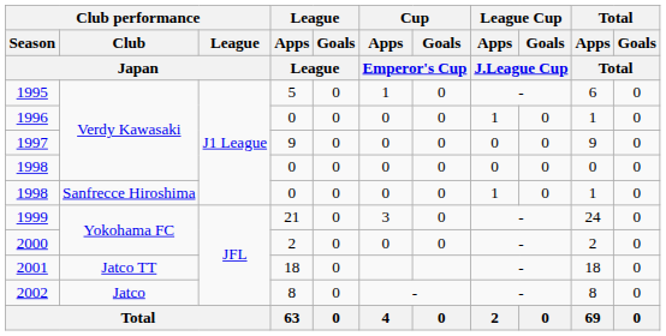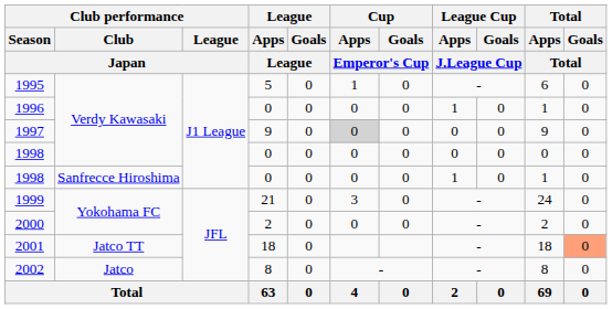 <table class="wikitable" style="text-align:center;">
 <tr>
 <th colspan=3>Club performance</th>
 <th colspan=2>League</th>
 <th colspan=2>Cup</th>
 <th colspan=2>League Cup</th>
 <th colspan=2>Total</th>
 </tr>
 <tr>
 <th>Season</th>
 <th>Club</th>
 <th>League</th>
 <th>Apps</th>
 <th>Goals</th>
 <th>Apps</th>
 <th>Goals</th>
 <th>Apps</th>
 <th>Goals</th>
 <th>Apps</th>
 <th>Goals</th>
 </tr>
 <tr>
 <th colspan=3>Japan</th>
 <th colspan=2>League</th>
 <th colspan=2><a href='#'>Emperor's Cup</a></th>
 <th colspan=2><a href='#'>J.League Cup</a></th>
 <th colspan=2>Total</th>
 </tr>
 <tr>
 <td><a href='#'>1995</a></td>
 <td rowspan="4"><a href='#'>Verdy Kawasaki</a></td>
 <td rowspan="5"><a href='#'>J1 League</a></td>
 <td>5</td>
 <td>0</td>
 <td>1</td>
 <td>0</td>
 <td colspan="2">-</td>
 <td>6</td>
 <td>0</td>
 </tr>
 <tr>
 <td><a href='#'>1996</a></td>
 <td>0</td>
 <td>0</td>
 <td>0</td>
 <td>0</td>
 <td>1</td>
 <td>0</td>
 <td>1</td>
 <td>0</td>
 </tr>
 <tr>
 <td><a href='#'>1997</a></td>
 <td>9</td>
 <td>0</td>
-<td>0</td>
+<td style="background: lightgrey;">0</td>
 <td>0</td>
 <td>0</td>
 <td>0</td>
 <td>9</td>
 <td>0</td>
 </tr>
 <tr>
 <td><a href='#'>1998</a></td>
 <td>0</td>
 <td>0</td>
 <td>0</td>
 <td>0</td>
 <td>0</td>
 <td>0</td>
 <td>0</td>
 <td>0</td>
 </tr>
 <tr>
 <td><a href='#'>1998</a></td>
 <td><a href='#'>Sanfrecce Hiroshima</a></td>
 <td>0</td>
 <td>0</td>
 <td>0</td>
 <td>0</td>
 <td>1</td>
 <td>0</td>
 <td>1</td>
 <td>0</td>
 </tr>
 <tr>
 <td><a href='#'>1999</a></td>
 <td rowspan="2"><a href='#'>Yokohama FC</a></td>
 <td rowspan="4"><a href='#'>JFL</a></td>
 <td>21</td>
 <td>0</td>
 <td>3</td>
 <td>0</td>
 <td colspan="2">-</td>
 <td>24</td>
 <td>0</td>
 </tr>
 <tr>
 <td><a href='#'>2000</a></td>
 <td>2</td>
 <td>0</td>
 <td>0</td>
 <td>0</td>
 <td colspan="2">-</td>
 <td>2</td>
 <td>0</td>
 </tr>
 <tr>
 <td><a href='#'>2001</a></td>
 <td><a href='#'>Jatco TT</a></td>
 <td>18</td>
 <td>0</td>
 <td></td>
 <td></td>
 <td colspan="2">-</td>
 <td>18</td>
-<td>0</td>
+<td style="background: lightsalmon;">0</td>
 </tr>
 <tr>
 <td><a href='#'>2002</a></td>
 <td><a href='#'>Jatco</a></td>
 <td>8</td>
 <td>0</td>
 <td colspan="2">-</td>
 <td colspan="2">-</td>
 <td>8</td>
 <td>0</td>
 </tr>
 <tr>
 <th colspan=3>Total</th>
 <th>63</th>
 <th>0</th>
 <th>4</th>
 <th>0</th>
 <th>2</th>
 <th>0</th>
 <th>69</th>
 <th>0</th>
 </tr>
 </table>
